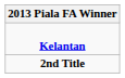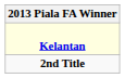 <table class="wikitable" style="text-align: center; margin: 0 auto;">
 <tr>
 <th>2013 Piala FA Winner</th>
 </tr>
 <tr>
-<td><br><a href='#'><strong>Kelantan</strong></a></td>
+<td style="background: lightyellow;"><br><a href='#'><strong>Kelantan</strong></a></td>
 </tr>
 <tr>
 <td><strong>2nd Title</strong></td>
 </tr>
 </table>
